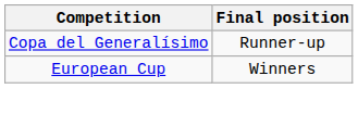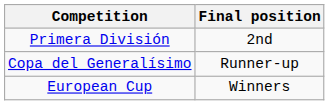 <table class="wikitable" style="font-size:100%; text-align:center">
 <tr>
 <th>Competition</th>
 <th>Final position</th>
+</tr>
+<tr style="background:">
+<td><a href='#'>Primera División</a></td>
+<td>2nd</td>
 </tr>
 <tr style="background:">
 <td><a href='#'>Copa del Generalísimo</a></td>
 <td>Runner-up</td>
 </tr>
 <tr style="background:">
 <td><a href='#'>European Cup</a></td>
 <td>Winners</td>
 </tr>
 </table>
